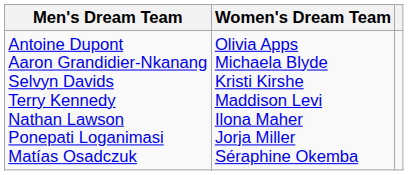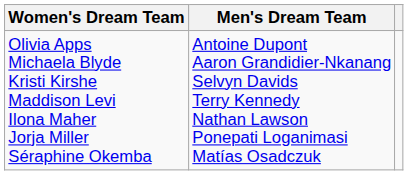 <table class="wikitable sortable">
 <tr>
+<th>Women's Dream Team</th>
 <th>Men's Dream Team</th>
-<th>Women's Dream Team</th>
 <th></th>
 </tr>
 <tr>
+<td> <a href='#'>Olivia Apps</a><br> <a href='#'>Michaela Blyde</a><br> <a href='#'>Kristi Kirshe</a><br> <a href='#'>Maddison Levi</a><br> <a href='#'>Ilona Maher</a><br> <a href='#'>Jorja Miller</a><br> <a href='#'>Séraphine Okemba</a></td>
 <td> <a href='#'>Antoine Dupont</a> <br> <a href='#'>Aaron Grandidier-Nkanang</a><br> <a href='#'>Selvyn Davids</a><br> <a href='#'>Terry Kennedy</a><br> <a href='#'>Nathan Lawson</a><br> <a href='#'>Ponepati Loganimasi</a><br> <a href='#'>Matías Osadczuk</a></td>
-<td> <a href='#'>Olivia Apps</a><br> <a href='#'>Michaela Blyde</a><br> <a href='#'>Kristi Kirshe</a><br> <a href='#'>Maddison Levi</a><br> <a href='#'>Ilona Maher</a><br> <a href='#'>Jorja Miller</a><br> <a href='#'>Séraphine Okemba</a></td>
 <td align="center"></td>
 </tr>
 </table>
